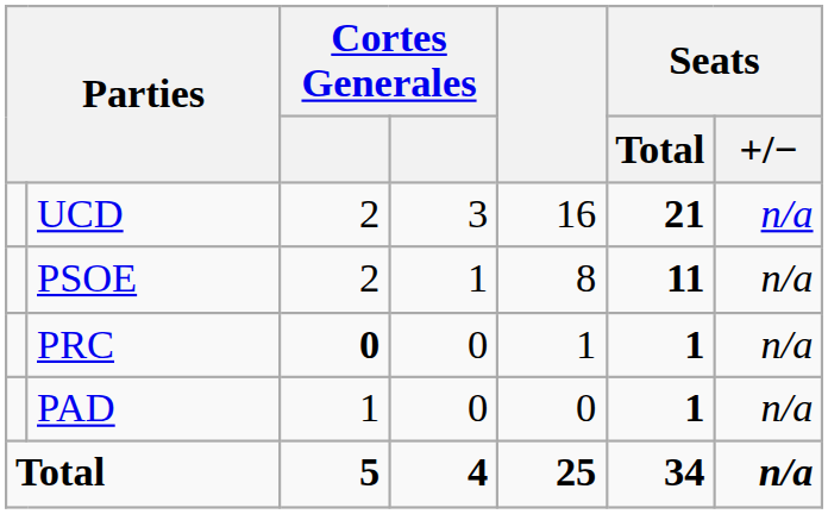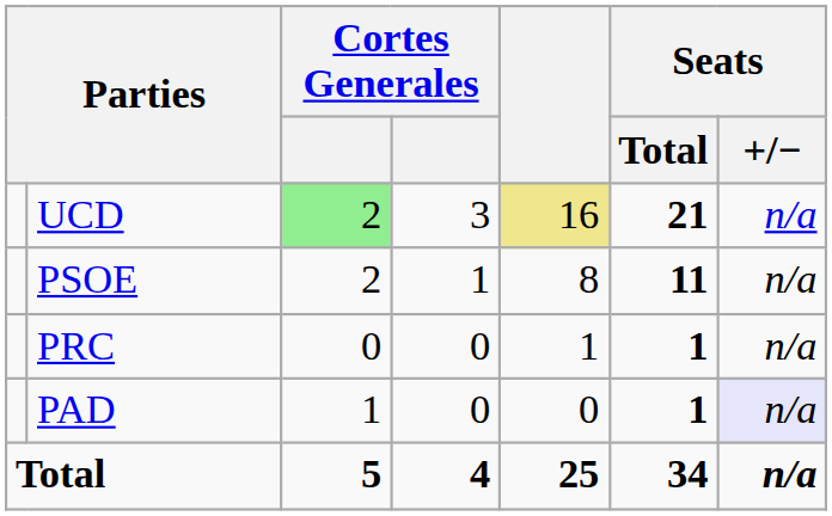 <table class="wikitable" style="text-align:right;">
 <tr>
 <th rowspan="2" colspan="2" width="100">Parties</th>
 <th colspan="2"><a href='#'>Cortes Generales</a></th>
 <th rowspan="2" width="35"><a href='#'></a></th>
 <th colspan="2">Seats</th>
 </tr>
 <tr>
 <th width="35"></th>
 <th width="35"></th>
 <th width="35">Total</th>
 <th width="35">+/−</th>
 </tr>
 <tr>
 <td width="1" style="color:inherit;background:"></td>
 <td align="left"><a href='#'>UCD</a></td>
-<td>2</td>
+<td style="background: lightgreen;">2</td>
 <td>3</td>
-<td>16</td>
+<td style="background: khaki;">16</td>
 <td><strong>21</strong></td>
 <td><em><a href='#'>n/a</a></em></td>
 </tr>
 <tr>
 <td style="color:inherit;background:"></td>
 <td align="left"><a href='#'>PSOE</a></td>
 <td>2</td>
 <td>1</td>
 <td>8</td>
 <td><strong>11</strong></td>
 <td><em>n/a</em></td>
 </tr>
 <tr>
 <td style="color:inherit;background:"></td>
 <td align="left"><a href='#'>PRC</a></td>
-<td><strong>0</strong></td>
+<td>0</td>
 <td>0</td>
 <td>1</td>
 <td><strong>1</strong></td>
 <td><em>n/a</em></td>
 </tr>
 <tr>
 <td style="color:inherit;background:"></td>
 <td align="left"><a href='#'>PAD</a></td>
 <td>1</td>
 <td>0</td>
 <td>0</td>
 <td><strong>1</strong></td>
-<td><em>n/a</em></td>
+<td style="background: lavender;"><em>n/a</em></td>
 </tr>
 <tr style="font-weight:bold;">
 <td align="left" colspan="2">Total</td>
 <td>5</td>
 <td>4</td>
 <td>25</td>
 <td>34</td>
 <td><em>n/a</em></td>
 </tr>
 </table>
